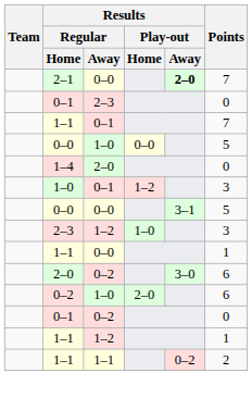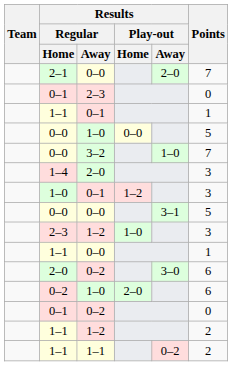 <table class="wikitable sortable" style="text-align:center">
 <tr>
 <th rowspan=3>Team</th>
 <th colspan=4>Results</th>
 <th rowspan=3>Points</th>
 </tr>
 <tr>
 <th colspan=2>Regular</th>
 <th colspan=2>Play-out</th>
 </tr>
 <tr>
 <th width=40 class="unsortable">Home</th>
 <th width=40 class="unsortable">Away</th>
 <th width=40 class="unsortable">Home</th>
 <th width=40 class="unsortable">Away</th>
 </tr>
 <tr>
 <td align=left></td>
 <td style="background:#dfd;">2–1</td>
 <td style="background:#ffd;">0–0</td>
 <td style="background:#eaecf0;"></td>
-<td style="background:#dfd;"><strong>2–0</strong></td>
+<td style="background:#dfd;">2–0</td>
 <td>7</td>
 </tr>
 <tr>
 <td align=left></td>
 <td style="background:#fdd;">0–1</td>
 <td style="background:#fdd;">2–3</td>
 <td colspan=2 style="background:#eaecf0;"></td>
 <td>0</td>
 </tr>
 <tr>
 <td align=left></td>
 <td style="background:#ffd;">1–1</td>
 <td style="background:#fdd;">0–1</td>
 <td colspan=2 style="background:#eaecf0;"></td>
-<td>7</td>
+<td>1</td>
 </tr>
 <tr>
 <td align=left></td>
 <td style="background:#ffd;">0–0</td>
 <td style="background:#dfd;">1–0</td>
 <td style="background:#ffd;">0–0</td>
 <td style="background:#eaecf0;"></td>
 <td>5</td>
 </tr>
 <tr>
 <td align=left></td>
+<td style="background:#ffd;">0–0</td>
+<td style="background:#dfd;">3–2</td>
+<td style="background:#eaecf0;"></td>
+<td style="background:#dfd;">1–0</td>
+<td>7</td>
+</tr>
+<tr>
+<td align=left></td>
 <td style="background:#fdd;">1–4</td>
 <td style="background:#dfd;">2–0</td>
 <td colspan=2 style="background:#eaecf0;"></td>
-<td>0</td>
+<td>3</td>
 </tr>
 <tr>
 <td align=left></td>
 <td style="background:#dfd;">1–0</td>
 <td style="background:#fdd;">0–1</td>
 <td style="background:#fdd;">1–2</td>
 <td style="background:#eaecf0;"></td>
 <td>3</td>
 </tr>
 <tr>
 <td align=left></td>
 <td style="background:#ffd;">0–0</td>
 <td style="background:#ffd;">0–0</td>
 <td style="background:#eaecf0;"></td>
 <td style="background:#dfd;">3–1</td>
 <td>5</td>
 </tr>
 <tr>
 <td align=left></td>
 <td style="background:#fdd;">2–3</td>
 <td style="background:#fdd;">1–2</td>
 <td style="background:#dfd;">1–0</td>
 <td style="background:#eaecf0;"></td>
 <td>3</td>
 </tr>
 <tr>
 <td align=left></td>
 <td style="background:#ffd;">1–1</td>
 <td style="background:#ffd;">0–0</td>
 <td colspan=2 style="background:#eaecf0;"></td>
 <td>1</td>
 </tr>
 <tr>
 <td align=left></td>
 <td style="background:#dfd;">2–0</td>
 <td style="background:#fdd;">0–2</td>
 <td style="background:#eaecf0;"></td>
 <td style="background:#dfd;">3–0</td>
 <td>6</td>
 </tr>
 <tr>
 <td align=left></td>
 <td style="background:#fdd;">0–2</td>
 <td style="background:#dfd;">1–0</td>
 <td style="background:#dfd;">2–0</td>
 <td style="background:#eaecf0;"></td>
 <td>6</td>
 </tr>
 <tr>
 <td align=left></td>
 <td style="background:#fdd;">0–1</td>
 <td style="background:#fdd;">0–2</td>
 <td colspan=2 style="background:#eaecf0;"></td>
 <td>0</td>
 </tr>
 <tr>
 <td align=left></td>
 <td style="background:#ffd;">1–1</td>
 <td style="background:#fdd;">1–2</td>
 <td colspan=2 style="background:#eaecf0;"></td>
-<td>1</td>
+<td>2</td>
 </tr>
 <tr>
 <td align=left></td>
 <td style="background:#ffd;">1–1</td>
 <td style="background:#ffd;">1–1</td>
 <td style="background:#eaecf0;"></td>
 <td style="background:#fdd;">0–2</td>
 <td>2</td>
 </tr>
 </table>
